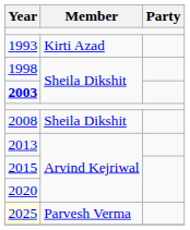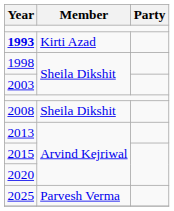 <table class="wikitable">
 <tr>
 <th>Year</th>
 <th>Member</th>
 <th colspan="2">Party</th>
 </tr>
 <tr>
 <td colspan="4"></td>
 </tr>
 <tr>
-<td><a href='#'>1993</a></td>
+<td><strong><a href='#'>1993</a></strong></td>
 <td><a href='#'>Kirti Azad</a></td>
 <td></td>
 </tr>
 <tr>
 <td><a href='#'>1998</a></td>
 <td rowspan="2"><a href='#'>Sheila Dikshit</a></td>
 <td></td>
 </tr>
 <tr>
-<td><strong><a href='#'>2003</a></strong></td>
+<td><a href='#'>2003</a></td>
 </tr>
 <tr>
 <td colspan="4"></td>
 </tr>
 <tr>
 <td><a href='#'>2008</a></td>
 <td><a href='#'>Sheila Dikshit</a></td>
 <td></td>
 </tr>
 <tr>
 <td><a href='#'>2013</a></td>
 <td rowspan="3"><a href='#'>Arvind Kejriwal</a></td>
 <td></td>
 </tr>
 <tr>
 <td><a href='#'>2015</a></td>
 </tr>
 <tr>
 <td><a href='#'>2020</a></td>
 </tr>
 <tr>
-<td style="background: lightyellow;"><a href='#'>2025</a></td>
+<td><a href='#'>2025</a></td>
 <td><a href='#'>Parvesh Verma</a></td>
 <td></td>
 </tr>
 <tr>
 </tr>
 </table>
